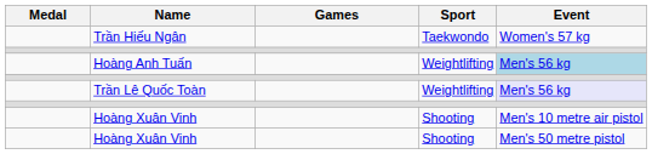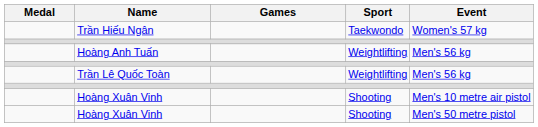 <table class="wikitable sortable">
 <tr>
 <th style="width:6em">Medal</th>
 <th style="width:12em">Name</th>
 <th style="width:12em">Games</th>
 <th>Sport</th>
 <th>Event</th>
 </tr>
 <tr>
 <td></td>
 <td><a href='#'>Trần Hiếu Ngân</a></td>
 <td></td>
 <td> <a href='#'>Taekwondo</a></td>
 <td><a href='#'>Women's 57 kg</a></td>
 </tr>
 <tr bgcolor=#DDDDDD>
 <td colspan=7></td>
 </tr>
 <tr>
 <td></td>
 <td><a href='#'>Hoàng Anh Tuấn</a></td>
 <td></td>
 <td> <a href='#'>Weightlifting</a></td>
-<td style="background: lightblue;"><a href='#'>Men's 56 kg</a></td>
+<td><a href='#'>Men's 56 kg</a></td>
 </tr>
 <tr bgcolor=#DDDDDD>
 <td colspan=7></td>
 </tr>
 <tr>
 <td></td>
 <td><a href='#'>Trần Lê Quốc Toàn</a></td>
 <td></td>
 <td> <a href='#'>Weightlifting</a></td>
-<td style="background: lavender;"><a href='#'>Men's 56 kg</a></td>
+<td><a href='#'>Men's 56 kg</a></td>
 </tr>
 <tr bgcolor=#DDDDDD>
 <td colspan=7></td>
 </tr>
 <tr>
 <td></td>
 <td><a href='#'>Hoàng Xuân Vinh</a></td>
 <td></td>
 <td> <a href='#'>Shooting</a></td>
 <td><a href='#'>Men's 10 metre air pistol</a></td>
 </tr>
 <tr>
 <td></td>
 <td><a href='#'>Hoàng Xuân Vinh</a></td>
 <td></td>
 <td> <a href='#'>Shooting</a></td>
 <td><a href='#'>Men's 50 metre pistol</a></td>
 </tr>
 </table>
